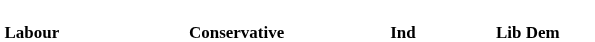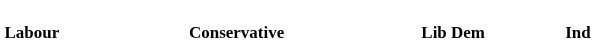 <table style="width:100%; text-align:center;">
 <tr style="color:white;">
 <td style="background:"><strong>20</strong></td>
 <td style="background:"><strong>17</strong></td>
+<td style="background:"><strong>12</strong></td>
 <td style="background:"><strong>2</strong></td>
-<td style="background:"><strong>12</strong></td>
 </tr>
 <tr>
 <td><span><strong>Labour</strong></span></td>
 <td><span><strong>Conservative</strong></span></td>
+<td><span><strong>Lib Dem</strong></span></td>
 <td><span><strong>Ind</strong></span></td>
-<td><span><strong>Lib Dem</strong></span></td>
 </tr>
 </table>
